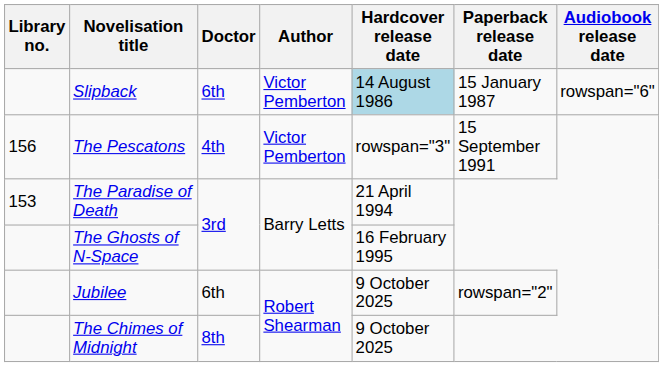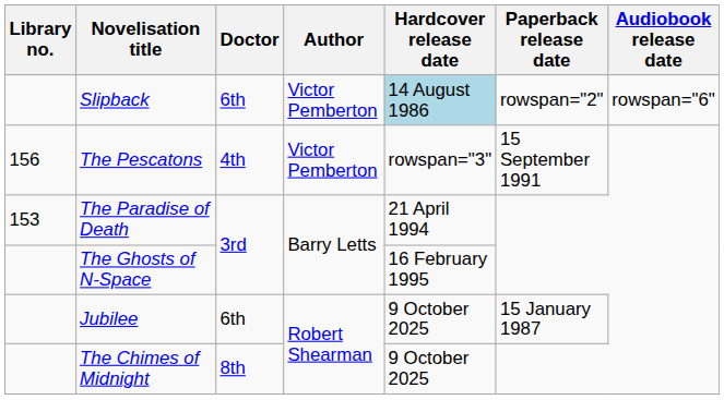 <table class="wikitable sortable" style="width:100%;">
 <tr>
 <th style="width:6%;">Library no.</th>
 <th style="width:28%;">Novelisation title</th>
 <th style="width:6%;">Doctor</th>
 <th style="width:15%;">Author</th>
 <th style="width:15%;" data-sort-type=date>Hardcover <br>release date</th>
 <th style="width:15%;" data-sort-type=date>Paperback <br>release date</th>
 <th style="width:15%;" data-sort-type=date><a href='#'>Audiobook</a> <br>release date</th>
 </tr>
 <tr>
 <td></td>
 <td><em><a href='#'>Slipback</a></em></td>
 <td><a href='#'>6th</a></td>
 <td data-sort-value="Pemberton, Victor"><a href='#'>Victor Pemberton</a></td>
 <td style="background: lightblue;">14 August 1986</td>
-<td>15 January 1987</td>
+<td>rowspan="2" </td>
 <td>rowspan="6" </td>
 </tr>
 <tr>
 <td>156</td>
 <td><em><a href='#'>The Pescatons</a></em></td>
 <td><a href='#'>4th</a></td>
 <td data-sort-value="Pemberton, Victor"><a href='#'>Victor Pemberton</a></td>
 <td>rowspan="3" </td>
 <td>15 September 1991</td>
 </tr>
 <tr>
 <td>153</td>
 <td><em><a href='#'>The Paradise of Death</a></em></td>
 <td rowspan="2"><a href='#'>3rd</a></td>
 <td rowspan="2" data-sort-value="Letts, Barry">Barry Letts</td>
 <td>21 April 1994</td>
 </tr>
 <tr>
 <td></td>
 <td><em><a href='#'>The Ghosts of N-Space</a></em></td>
 <td>16 February 1995</td>
 </tr>
 <tr>
 <td></td>
 <td><em><a href='#'>Jubilee</a></em></td>
 <td>6th</td>
 <td rowspan="2" data-sort-value="Shearman, Robert"><a href='#'>Robert Shearman</a></td>
 <td>9 October 2025</td>
-<td>rowspan="2" </td>
+<td>15 January 1987</td>
 </tr>
 <tr>
 <td></td>
 <td><em><a href='#'>The Chimes of Midnight</a></em></td>
 <td><a href='#'>8th</a></td>
 <td>9 October 2025</td>
 </tr>
 </table>
